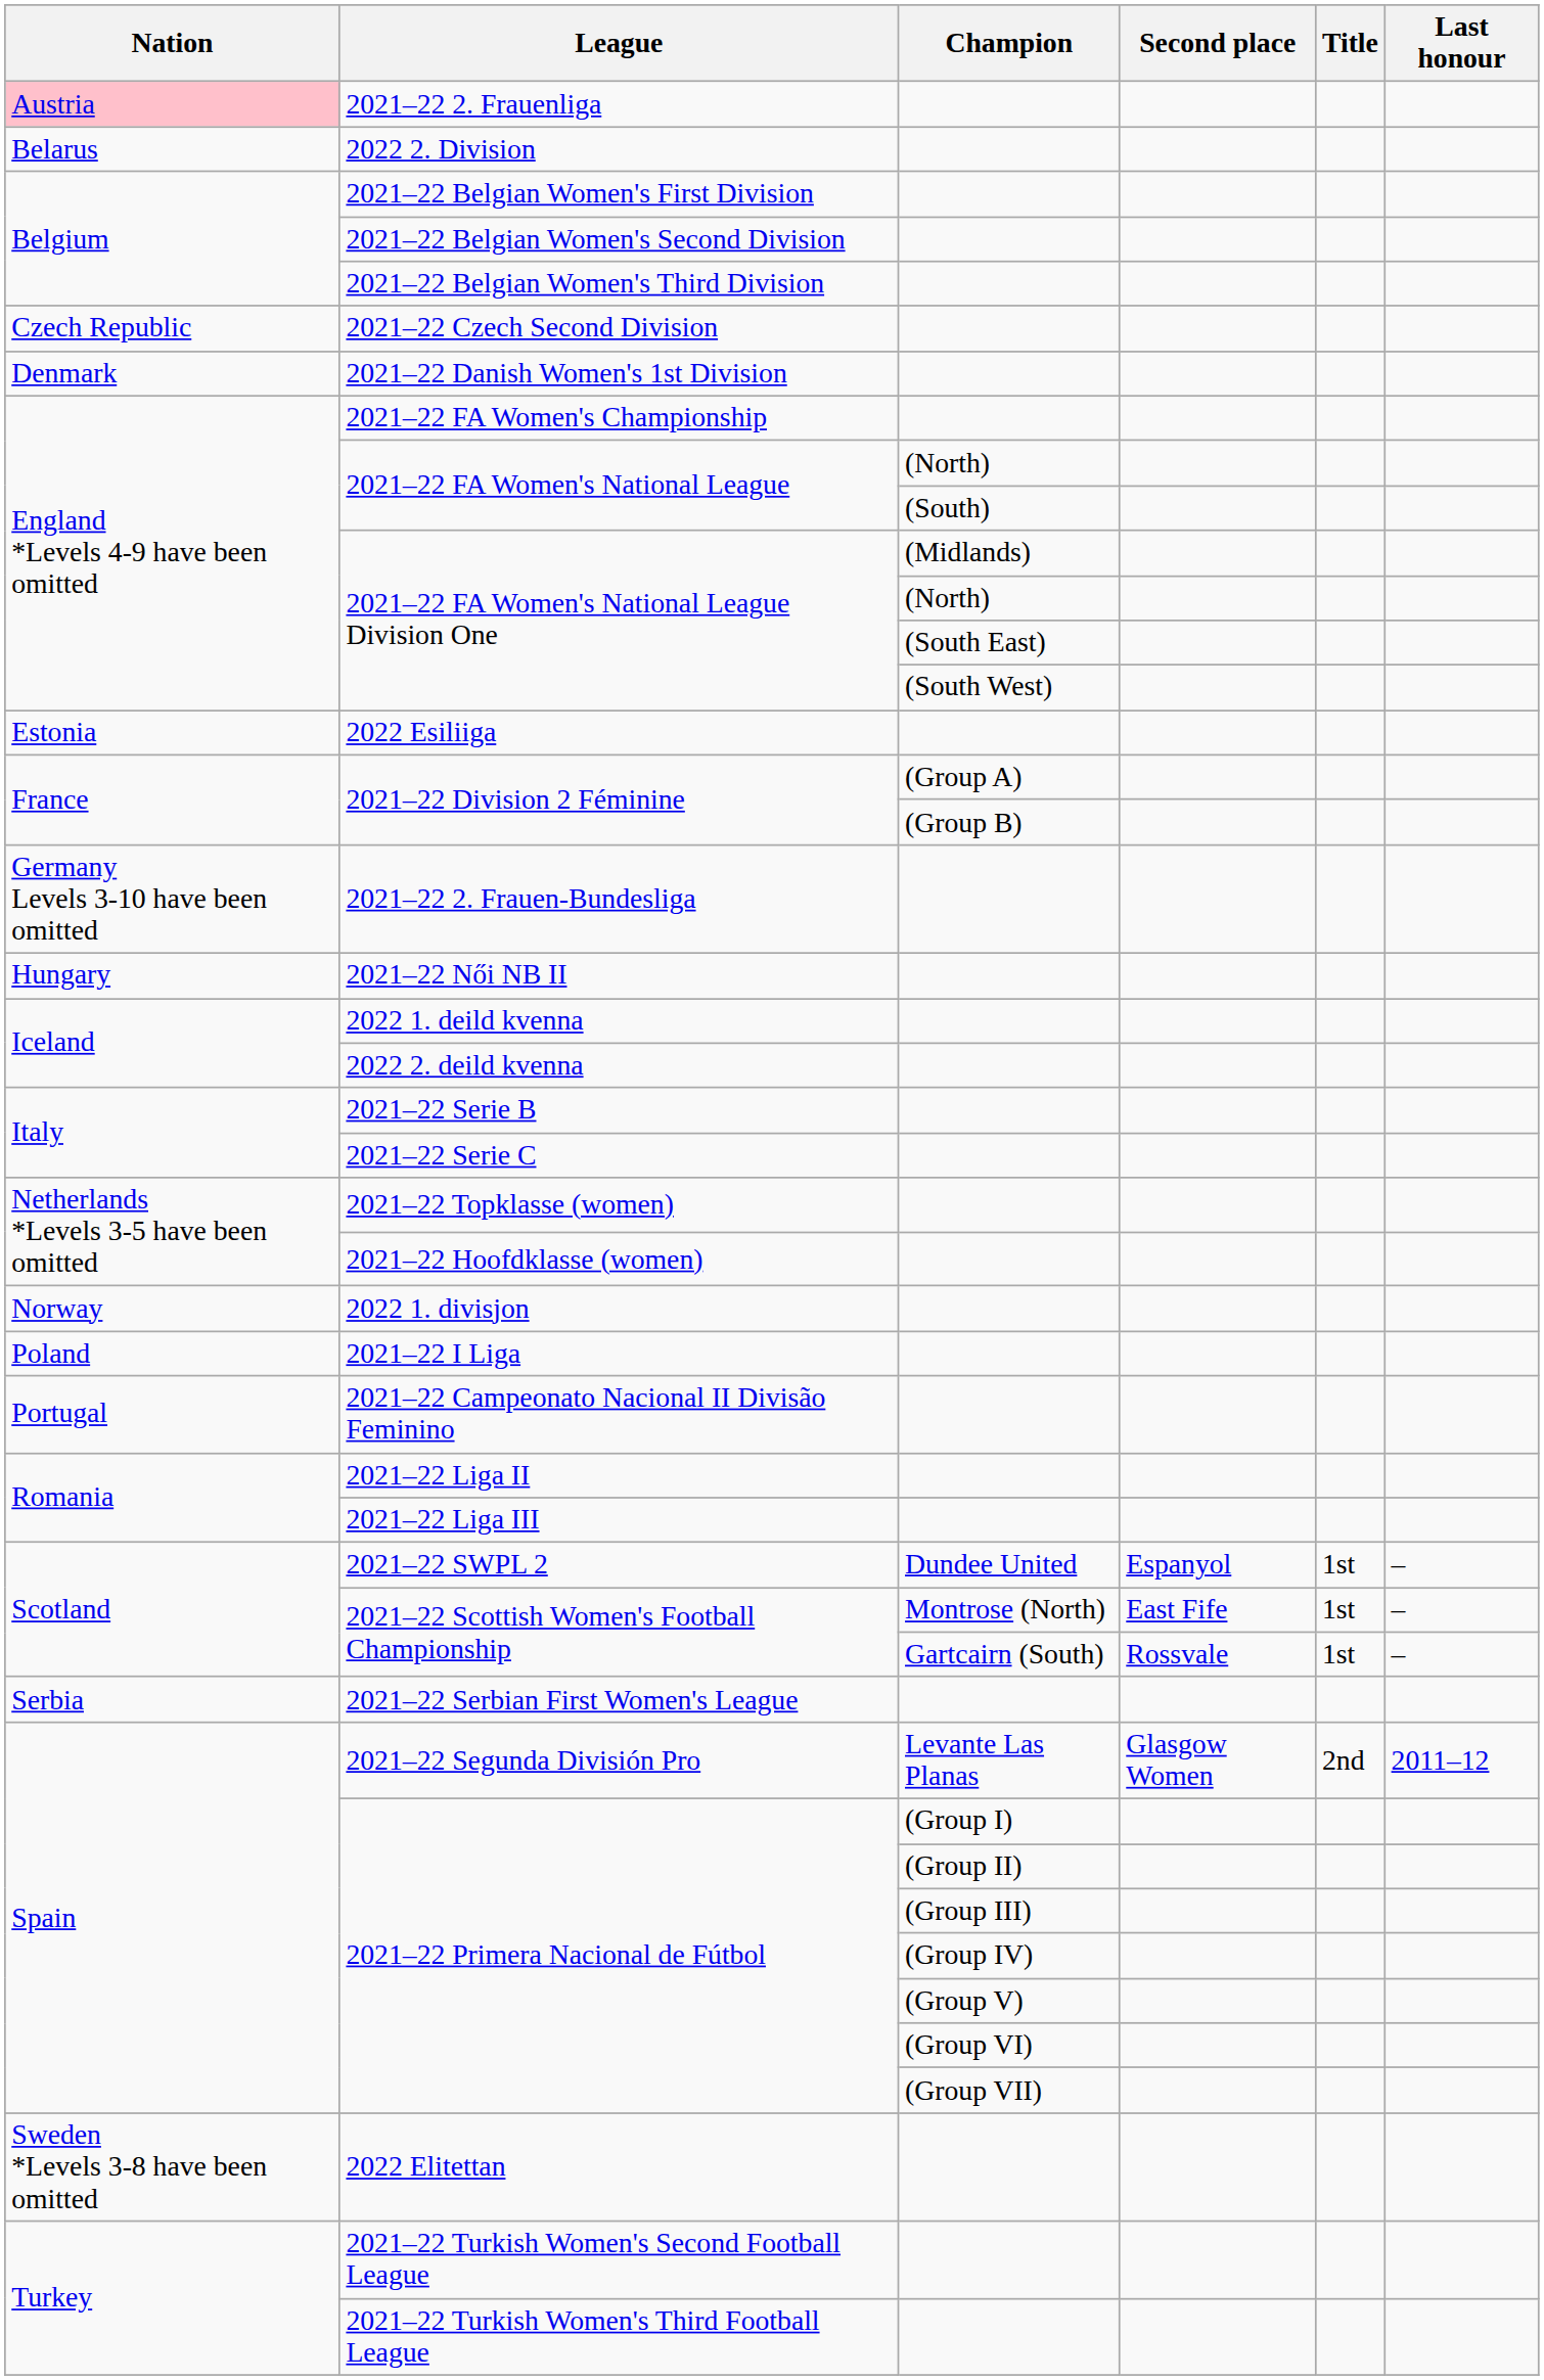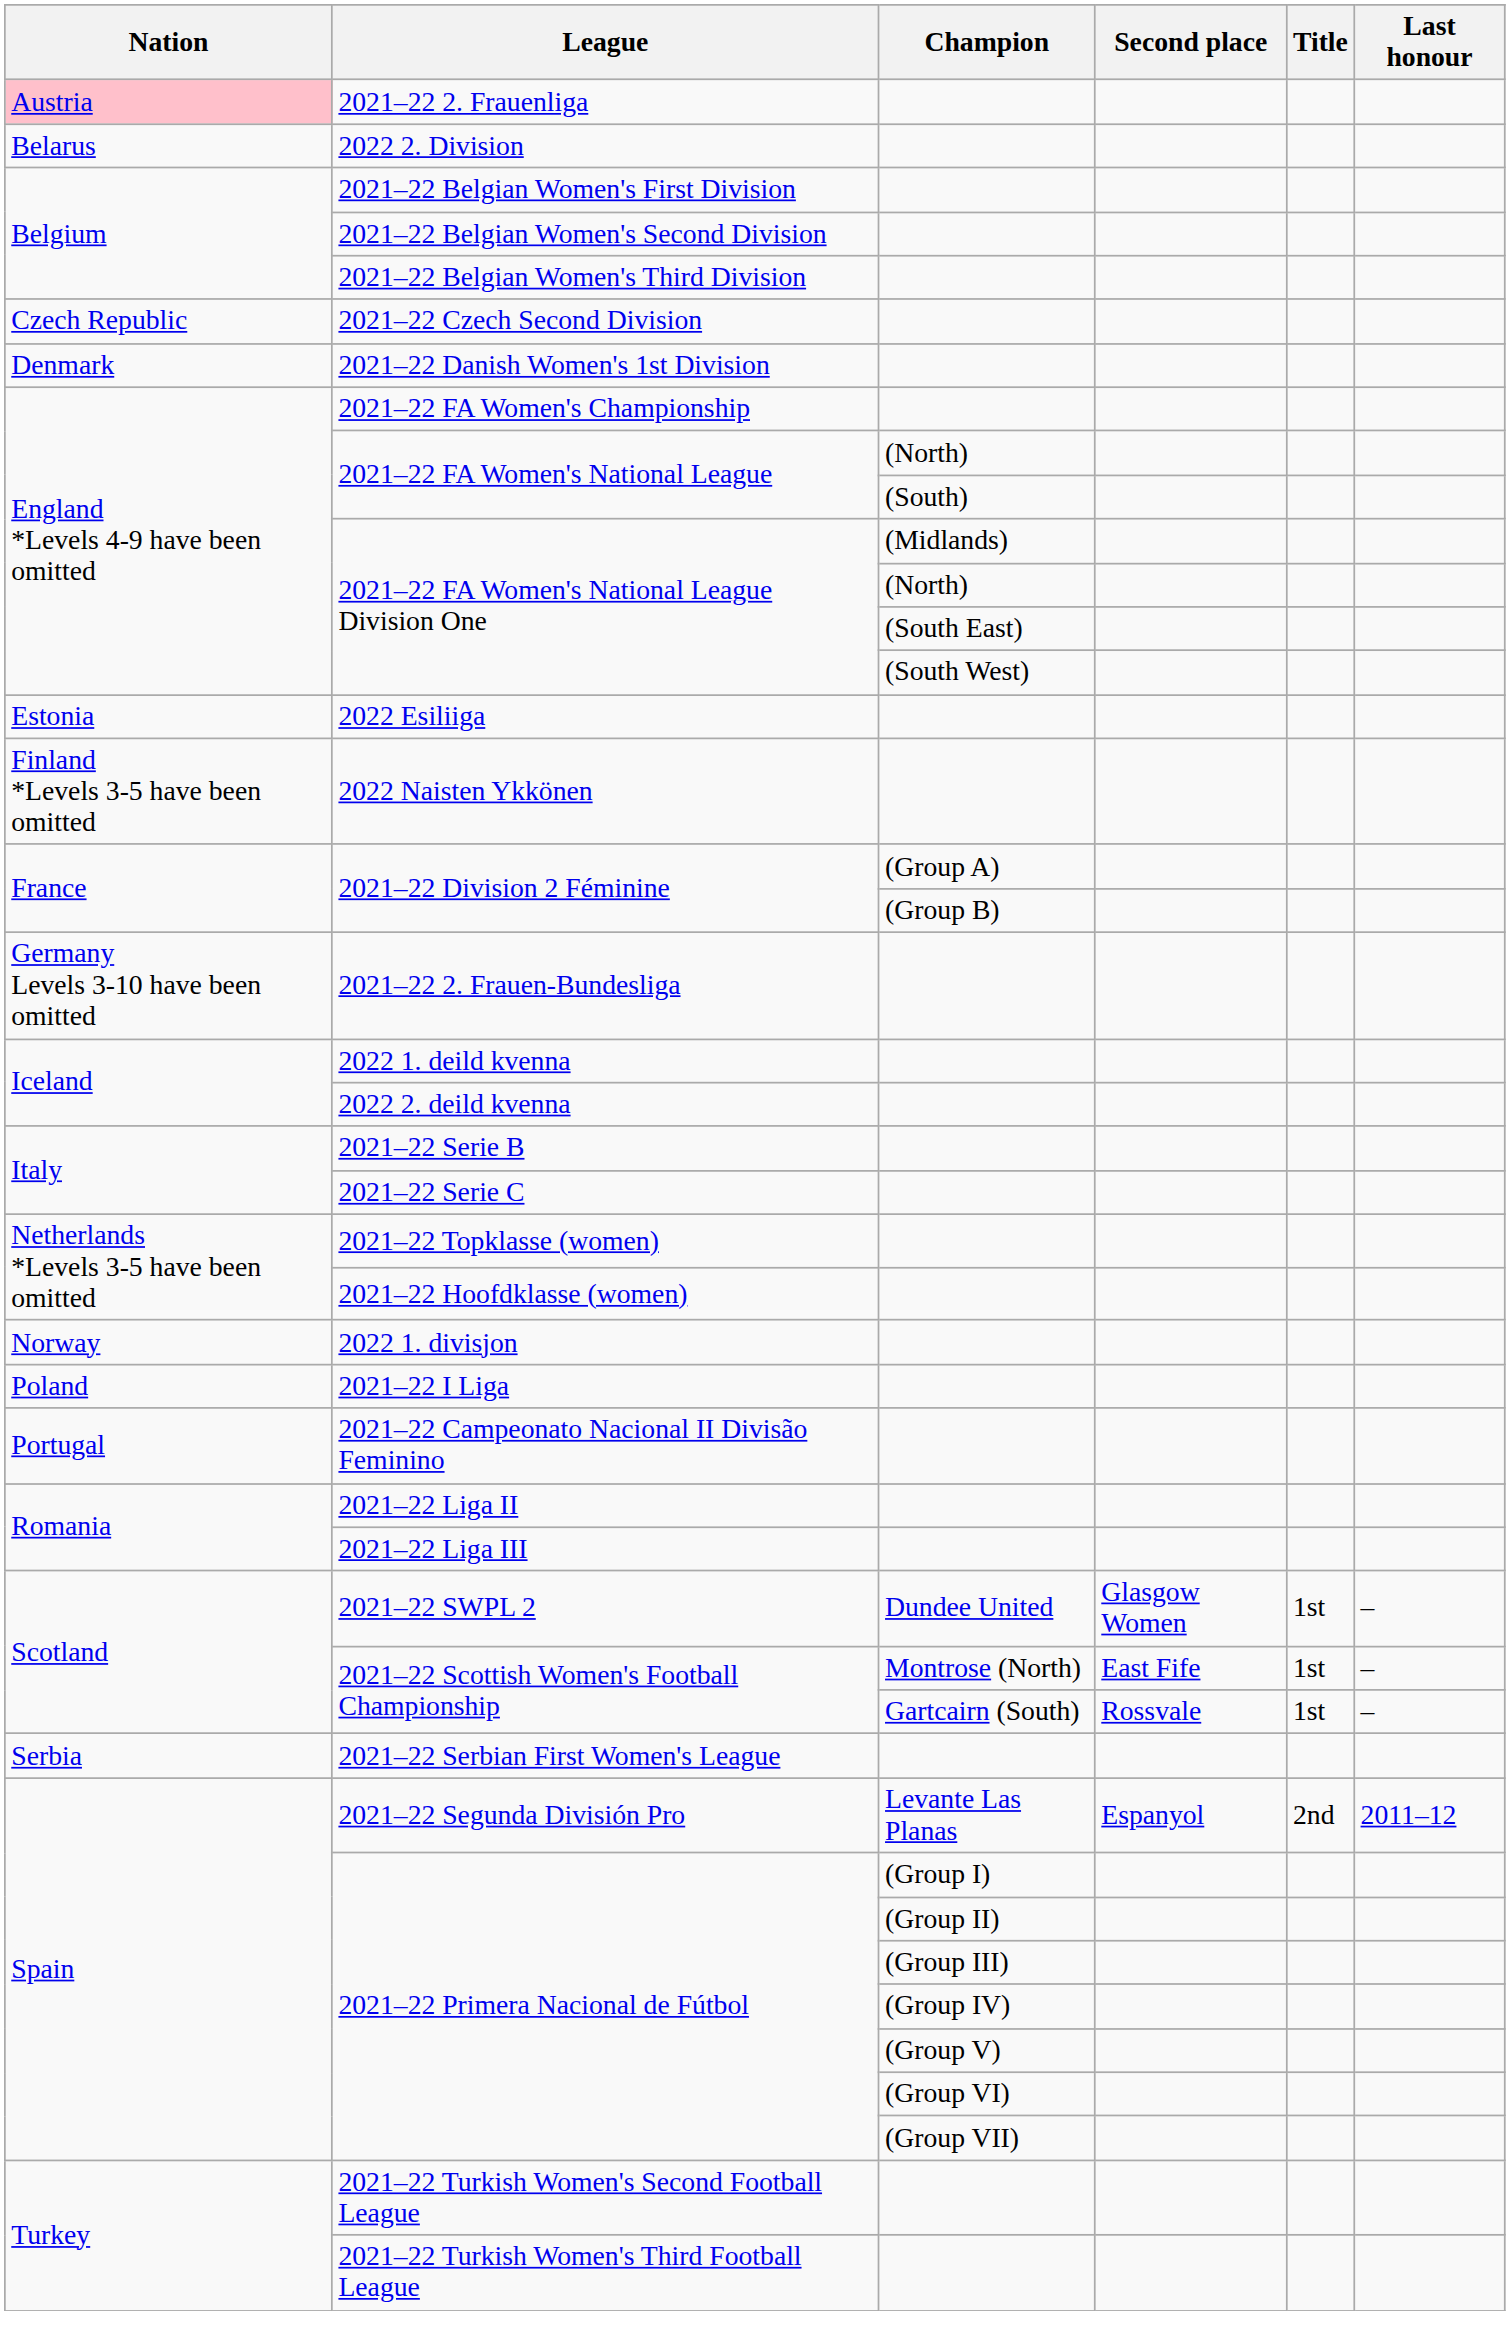 <table class="wikitable sortable">
 <tr>
 <th>Nation</th>
 <th>League</th>
 <th>Champion</th>
 <th>Second place</th>
 <th data-sort-type="number">Title</th>
 <th>Last honour</th>
 </tr>
 <tr>
 <td style="background: pink;"> <a href='#'>Austria</a></td>
 <td><a href='#'>2021–22 2. Frauenliga</a></td>
 <td></td>
 <td></td>
 <td></td>
 <td></td>
 </tr>
 <tr>
 <td> <a href='#'>Belarus</a></td>
 <td><a href='#'>2022 2. Division</a></td>
 <td></td>
 <td></td>
 <td></td>
 <td></td>
 </tr>
 <tr>
 <td rowspan=3> <a href='#'>Belgium</a></td>
 <td><a href='#'>2021–22 Belgian Women's First Division</a></td>
 <td></td>
 <td></td>
 <td></td>
 <td></td>
 </tr>
 <tr>
 <td><a href='#'>2021–22 Belgian Women's Second Division</a></td>
 <td></td>
 <td></td>
 <td></td>
 <td></td>
 </tr>
 <tr>
 <td><a href='#'>2021–22 Belgian Women's Third Division</a></td>
 <td></td>
 <td></td>
 <td></td>
 <td></td>
 </tr>
 <tr>
 <td> <a href='#'>Czech Republic</a></td>
 <td><a href='#'>2021–22 Czech Second Division</a></td>
 <td></td>
 <td></td>
 <td></td>
 <td></td>
 </tr>
 <tr>
 <td> <a href='#'>Denmark</a></td>
 <td><a href='#'>2021–22 Danish Women's 1st Division</a></td>
 <td></td>
 <td></td>
 <td></td>
 <td></td>
 </tr>
 <tr>
 <td rowspan=7> <a href='#'>England</a> <br>*Levels 4-9 have been omitted</td>
 <td><a href='#'>2021–22 FA Women's Championship</a></td>
 <td></td>
 <td></td>
 <td></td>
 <td></td>
 </tr>
 <tr>
 <td rowspan=2><a href='#'>2021–22 FA Women's National League</a></td>
 <td>(North)</td>
 <td></td>
 <td></td>
 <td></td>
 </tr>
 <tr>
 <td>(South)</td>
 <td></td>
 <td></td>
 <td></td>
 </tr>
 <tr>
 <td rowspan=4><a href='#'>2021–22 FA Women's National League</a> Division One</td>
 <td>(Midlands)</td>
 <td></td>
 <td></td>
 <td></td>
 </tr>
 <tr>
 <td>(North)</td>
 <td></td>
 <td></td>
 <td></td>
 </tr>
 <tr>
 <td>(South East)</td>
 <td></td>
 <td></td>
 <td></td>
 </tr>
 <tr>
 <td>(South West)</td>
 <td></td>
 <td></td>
 <td></td>
 </tr>
 <tr>
 <td> <a href='#'>Estonia</a></td>
 <td><a href='#'>2022 Esiliiga</a></td>
 <td></td>
 <td></td>
 <td></td>
 <td></td>
 </tr>
 <tr>
+<td> <a href='#'>Finland</a> <br>*Levels 3-5 have been omitted</td>
+<td><a href='#'>2022 Naisten Ykkönen</a></td>
+<td></td>
+<td></td>
+<td></td>
+<td></td>
+</tr>
+<tr>
 <td rowspan=2> <a href='#'>France</a></td>
 <td rowspan=2><a href='#'>2021–22 Division 2 Féminine</a></td>
 <td>(Group A)</td>
 <td></td>
 <td></td>
 <td></td>
 </tr>
 <tr>
 <td>(Group B)</td>
 <td></td>
 <td></td>
 <td></td>
 </tr>
 <tr>
 <td> <a href='#'>Germany</a> <br>Levels 3-10 have been omitted</td>
 <td><a href='#'>2021–22 2. Frauen-Bundesliga</a></td>
-<td></td>
-<td></td>
-<td></td>
-<td></td>
-</tr>
-<tr>
-<td> <a href='#'>Hungary</a></td>
-<td><a href='#'>2021–22 Női NB II</a></td>
 <td></td>
 <td></td>
 <td></td>
 <td></td>
 </tr>
 <tr>
 <td rowspan=2> <a href='#'>Iceland</a></td>
 <td><a href='#'>2022 1. deild kvenna</a></td>
 <td></td>
 <td></td>
 <td></td>
 <td></td>
 </tr>
 <tr>
 <td><a href='#'>2022 2. deild kvenna</a></td>
 <td></td>
 <td></td>
 <td></td>
 <td></td>
 </tr>
 <tr>
 <td rowspan=2> <a href='#'>Italy</a></td>
 <td><a href='#'>2021–22 Serie B</a></td>
 <td></td>
 <td></td>
 <td></td>
 <td></td>
 </tr>
 <tr>
 <td><a href='#'>2021–22 Serie C</a></td>
 <td></td>
 <td></td>
 <td></td>
 <td></td>
 </tr>
 <tr>
 <td rowspan=2> <a href='#'>Netherlands</a> <br>*Levels 3-5 have been omitted</td>
 <td><a href='#'>2021–22 Topklasse (women)</a></td>
 <td></td>
 <td></td>
 <td></td>
 <td></td>
 </tr>
 <tr>
 <td><a href='#'>2021–22 Hoofdklasse (women)</a></td>
 <td></td>
 <td></td>
 <td></td>
 <td></td>
 </tr>
 <tr>
 <td> <a href='#'>Norway</a></td>
 <td><a href='#'>2022 1. divisjon</a></td>
 <td></td>
 <td></td>
 <td></td>
 <td></td>
 </tr>
 <tr>
 <td> <a href='#'>Poland</a></td>
 <td><a href='#'>2021–22 I Liga</a></td>
 <td></td>
 <td></td>
 <td></td>
 <td></td>
 </tr>
 <tr>
 <td> <a href='#'>Portugal</a></td>
 <td><a href='#'>2021–22 Campeonato Nacional II Divisão Feminino</a></td>
 <td></td>
 <td></td>
 <td></td>
 <td></td>
 </tr>
 <tr>
 <td rowspan=2> <a href='#'>Romania</a></td>
 <td><a href='#'>2021–22 Liga II</a></td>
 <td></td>
 <td></td>
 <td></td>
 <td></td>
 </tr>
 <tr>
 <td><a href='#'>2021–22 Liga III</a></td>
 <td></td>
 <td></td>
 <td></td>
 <td></td>
 </tr>
 <tr>
 <td rowspan=3> <a href='#'>Scotland</a></td>
 <td><a href='#'>2021–22 SWPL 2</a></td>
 <td><a href='#'>Dundee United</a></td>
-<td><a href='#'>Espanyol</a></td>
+<td><a href='#'>Glasgow Women</a></td>
 <td>1st</td>
 <td>–</td>
 </tr>
 <tr>
 <td rowspan=2><a href='#'>2021–22 Scottish Women's Football Championship</a></td>
 <td><a href='#'>Montrose</a> (North)</td>
 <td><a href='#'>East Fife</a></td>
 <td>1st</td>
 <td>–</td>
 </tr>
 <tr>
 <td><a href='#'>Gartcairn</a> (South)</td>
 <td><a href='#'>Rossvale</a></td>
 <td>1st</td>
 <td>–</td>
 </tr>
 <tr>
 <td> <a href='#'>Serbia</a></td>
 <td><a href='#'>2021–22 Serbian First Women's League</a></td>
 <td></td>
 <td></td>
 <td></td>
 <td></td>
 </tr>
 <tr>
 <td rowspan=8> <a href='#'>Spain</a></td>
 <td><a href='#'>2021–22 Segunda División Pro</a></td>
 <td><a href='#'>Levante Las Planas</a></td>
-<td><a href='#'>Glasgow Women</a></td>
+<td><a href='#'>Espanyol</a></td>
 <td>2nd</td>
 <td><a href='#'>2011–12</a></td>
 </tr>
 <tr>
 <td rowspan=7><a href='#'>2021–22 Primera Nacional de Fútbol</a></td>
 <td>(Group I)</td>
 <td></td>
 <td></td>
 <td></td>
 </tr>
 <tr>
 <td>(Group II)</td>
 <td></td>
 <td></td>
 <td></td>
 </tr>
 <tr>
 <td>(Group III)</td>
 <td></td>
 <td></td>
 <td></td>
 </tr>
 <tr>
 <td>(Group IV)</td>
 <td></td>
 <td></td>
 <td></td>
 </tr>
 <tr>
 <td>(Group V)</td>
 <td></td>
 <td></td>
 <td></td>
 </tr>
 <tr>
 <td>(Group VI)</td>
 <td></td>
 <td></td>
 <td></td>
 </tr>
 <tr>
 <td>(Group VII)</td>
 <td></td>
 <td></td>
 <td></td>
 </tr>
 <tr>
-<td> <a href='#'>Sweden</a> <br>*Levels 3-8 have been omitted</td>
-<td><a href='#'>2022 Elitettan</a></td>
-<td></td>
-<td></td>
-<td></td>
-<td></td>
-</tr>
-<tr>
 <td rowspan=2> <a href='#'>Turkey</a></td>
 <td><a href='#'>2021–22 Turkish Women's Second Football League</a></td>
 <td></td>
 <td></td>
 <td></td>
 <td></td>
 </tr>
 <tr>
 <td><a href='#'>2021–22 Turkish Women's Third Football League</a></td>
 <td></td>
 <td></td>
 <td></td>
 <td></td>
 </tr>
 </table>
